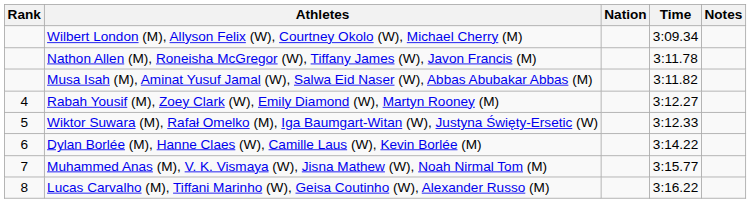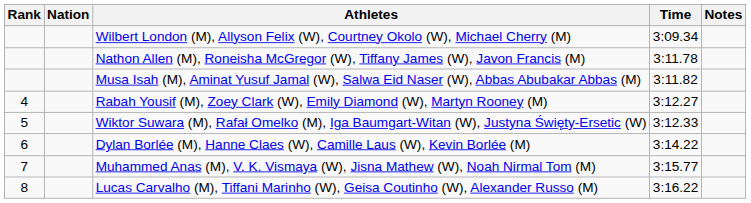 <table class="wikitable sortable" style="text-align:center">
 <tr>
 <th>Rank</th>
+<th>Nation</th>
 <th>Athletes</th>
-<th>Nation</th>
 <th>Time</th>
 <th>Notes</th>
 </tr>
 <tr>
 <td></td>
+<td align=left></td>
 <td align=left><a href='#'>Wilbert London</a> (M), <a href='#'>Allyson Felix</a> (W), <a href='#'>Courtney Okolo</a> (W), <a href='#'>Michael Cherry</a> (M)</td>
-<td align=left></td>
 <td>3:09.34</td>
 <td><strong></strong></td>
 </tr>
 <tr>
 <td></td>
+<td align=left></td>
 <td align=left><a href='#'>Nathon Allen</a> (M), <a href='#'>Roneisha McGregor</a> (W), <a href='#'>Tiffany James</a> (W), <a href='#'>Javon Francis</a> (M)</td>
-<td align=left></td>
 <td>3:11.78</td>
 <td><strong></strong></td>
 </tr>
 <tr>
 <td></td>
+<td align=left></td>
 <td align=left><a href='#'>Musa Isah</a> (M), <a href='#'>Aminat Yusuf Jamal</a> (W), <a href='#'>Salwa Eid Naser</a> (W), <a href='#'>Abbas Abubakar Abbas</a> (M)</td>
-<td align=left></td>
 <td>3:11.82</td>
 <td><strong></strong></td>
 </tr>
 <tr>
 <td>4</td>
+<td align=left></td>
 <td align=left><a href='#'>Rabah Yousif</a> (M), <a href='#'>Zoey Clark</a> (W), <a href='#'>Emily Diamond</a> (W), <a href='#'>Martyn Rooney</a> (M)</td>
-<td align=left></td>
 <td>3:12.27</td>
 <td><strong></strong></td>
 </tr>
 <tr>
 <td>5</td>
+<td align=left></td>
 <td align=left><a href='#'>Wiktor Suwara</a> (M), <a href='#'>Rafał Omelko</a> (M), <a href='#'>Iga Baumgart-Witan</a> (W), <a href='#'>Justyna Święty-Ersetic</a> (W)</td>
-<td align=left></td>
 <td>3:12.33</td>
 <td><strong></strong></td>
 </tr>
 <tr>
 <td>6</td>
+<td align=left></td>
 <td align=left><a href='#'>Dylan Borlée</a> (M), <a href='#'>Hanne Claes</a> (W), <a href='#'>Camille Laus</a> (W), <a href='#'>Kevin Borlée</a> (M)</td>
-<td align=left></td>
 <td>3:14.22</td>
 <td><strong></strong></td>
 </tr>
 <tr>
 <td>7</td>
+<td align=left></td>
 <td align=left><a href='#'>Muhammed Anas</a> (M), <a href='#'>V. K. Vismaya</a> (W), <a href='#'>Jisna Mathew</a> (W), <a href='#'>Noah Nirmal Tom</a> (M)</td>
-<td align=left></td>
 <td>3:15.77</td>
 <td></td>
 </tr>
 <tr>
 <td>8</td>
+<td align=left></td>
 <td align=left><a href='#'>Lucas Carvalho</a> (M), <a href='#'>Tiffani Marinho</a> (W), <a href='#'>Geisa Coutinho</a> (W), <a href='#'>Alexander Russo</a> (M)</td>
-<td align=left></td>
 <td>3:16.22</td>
 <td></td>
 </tr>
 </table>
